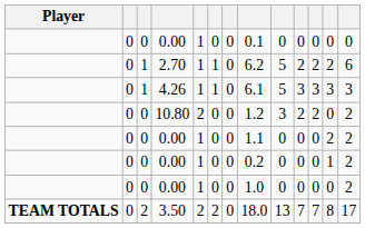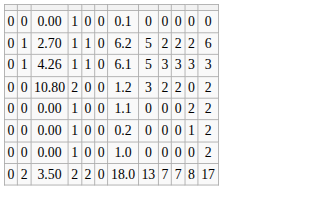 <table class="wikitable sortable" style="text-align:center;">
 <tr>
-<th>Player</th>
 <th></th>
 <th></th>
 <th></th>
 <th></th>
 <th></th>
 <th></th>
 <th></th>
 <th></th>
 <th></th>
 <th></th>
 <th></th>
 <th></th>
 </tr>
 <tr>
-<td align="left"></td>
 <td>0</td>
 <td>0</td>
 <td>0.00</td>
 <td>1</td>
 <td>0</td>
 <td>0</td>
 <td>0.1</td>
 <td>0</td>
 <td>0</td>
 <td>0</td>
 <td>0</td>
 <td>0</td>
 </tr>
 <tr>
-<td align="left"></td>
 <td>0</td>
 <td>1</td>
 <td>2.70</td>
 <td>1</td>
 <td>1</td>
 <td>0</td>
 <td>6.2</td>
 <td>5</td>
 <td>2</td>
 <td>2</td>
 <td>2</td>
 <td>6</td>
 </tr>
 <tr>
-<td align="left"></td>
 <td>0</td>
 <td>1</td>
 <td>4.26</td>
 <td>1</td>
 <td>1</td>
 <td>0</td>
 <td>6.1</td>
 <td>5</td>
 <td>3</td>
 <td>3</td>
 <td>3</td>
 <td>3</td>
 </tr>
 <tr>
-<td align="left"></td>
 <td>0</td>
 <td>0</td>
 <td>10.80</td>
 <td>2</td>
 <td>0</td>
 <td>0</td>
 <td>1.2</td>
 <td>3</td>
 <td>2</td>
 <td>2</td>
 <td>0</td>
 <td>2</td>
 </tr>
 <tr>
-<td align="left"></td>
 <td>0</td>
 <td>0</td>
 <td>0.00</td>
 <td>1</td>
 <td>0</td>
 <td>0</td>
 <td>1.1</td>
 <td>0</td>
 <td>0</td>
 <td>0</td>
 <td>2</td>
 <td>2</td>
 </tr>
 <tr>
-<td align="left"></td>
 <td>0</td>
 <td>0</td>
 <td>0.00</td>
 <td>1</td>
 <td>0</td>
 <td>0</td>
 <td>0.2</td>
 <td>0</td>
 <td>0</td>
 <td>0</td>
 <td>1</td>
 <td>2</td>
 </tr>
 <tr>
-<td align="left"></td>
 <td>0</td>
 <td>0</td>
 <td>0.00</td>
 <td>1</td>
 <td>0</td>
 <td>0</td>
 <td>1.0</td>
 <td>0</td>
 <td>0</td>
 <td>0</td>
 <td>0</td>
 <td>2</td>
 </tr>
 <tr class="sortbottom">
-<td align="left"><strong>TEAM TOTALS</strong></td>
 <td>0</td>
 <td>2</td>
 <td>3.50</td>
 <td>2</td>
 <td>2</td>
 <td>0</td>
 <td>18.0</td>
 <td>13</td>
 <td>7</td>
 <td>7</td>
 <td>8</td>
 <td>17</td>
 </tr>
 </table>
